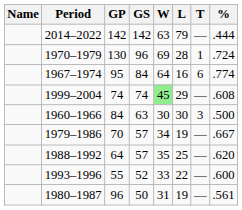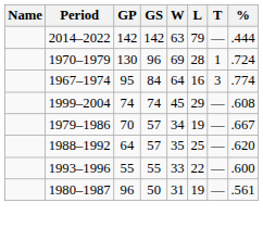 <table class="wikitable sortable" style="text-align:center">
 <tr>
 <th scope="col">Name</th>
 <th scope="col">Period</th>
 <th scope="col">GP</th>
 <th scope="col">GS</th>
 <th scope="col">W</th>
 <th scope="col">L</th>
 <th scope="col">T</th>
 <th scope="col">%</th>
 </tr>
 <tr>
 <td></td>
 <td>2014–2022</td>
 <td>142</td>
 <td>142</td>
 <td>63</td>
 <td>79</td>
 <td>—</td>
 <td>.444</td>
 </tr>
 <tr>
 <td></td>
 <td>1970–1979</td>
 <td>130</td>
 <td>96</td>
 <td>69</td>
 <td>28</td>
 <td>1</td>
 <td>.724</td>
 </tr>
 <tr>
 <td></td>
 <td>1967–1974</td>
 <td>95</td>
 <td>84</td>
 <td>64</td>
 <td>16</td>
-<td>6</td>
+<td>3</td>
 <td>.774</td>
 </tr>
 <tr>
 <td></td>
 <td>1999–2004</td>
 <td>74</td>
 <td>74</td>
-<td style="background: lightgreen;">45</td>
+<td>45</td>
 <td>29</td>
 <td>—</td>
 <td>.608</td>
-</tr>
-<tr>
-<td></td>
-<td>1960–1966</td>
-<td>84</td>
-<td>63</td>
-<td>30</td>
-<td>30</td>
-<td>3</td>
-<td>.500</td>
 </tr>
 <tr>
 <td></td>
 <td>1979–1986</td>
 <td>70</td>
 <td>57</td>
 <td>34</td>
 <td>19</td>
 <td>—</td>
 <td>.667</td>
 </tr>
 <tr>
 <td></td>
 <td>1988–1992</td>
 <td>64</td>
 <td>57</td>
 <td>35</td>
 <td>25</td>
 <td>—</td>
 <td>.620</td>
 </tr>
 <tr>
 <td></td>
 <td>1993–1996</td>
 <td>55</td>
-<td>52</td>
+<td>55</td>
 <td>33</td>
 <td>22</td>
 <td>—</td>
 <td>.600</td>
 </tr>
 <tr>
 <td></td>
 <td>1980–1987</td>
 <td>96</td>
 <td>50</td>
 <td>31</td>
 <td>19</td>
 <td>—</td>
 <td>.561</td>
 </tr>
 </table>
